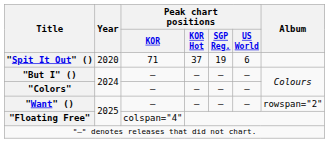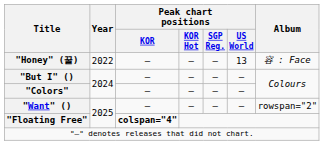 <table class="wikitable plainrowheaders" style="text-align:center">
 <tr>
 <th scope="col" rowspan="2">Title</th>
 <th scope="col" rowspan="2">Year</th>
 <th scope="col" colspan="4">Peak chart<br>positions</th>
 <th scope="col" rowspan="2">Album</th>
 </tr>
 <tr>
 <th scope="col" style="font-size:90%; width:2.5em"><a href='#'>KOR</a><br></th>
 <th scope="col" style="font-size:90%; width:2.5em"><a href='#'>KOR<br>Hot</a><br></th>
 <th scope="col" style="font-size:90%; width:2.5em"><a href='#'>SGP<br>Reg.</a><br></th>
 <th scope="col" style="font-size:90%; width:2.5em"><a href='#'>US<br>World</a><br></th>
 </tr>
 <tr>
-<th scope="row">"<a href='#'>Spit It Out</a>" ()</th>
-<td>2020</td>
-<td>71</td>
-<td>37</td>
-<td>19</td>
-<td>6</td>
-<td></td>
+<th scope="row">"Honey" (꿀)</th>
+<td>2022</td>
+<td>—</td>
+<td>—</td>
+<td>—</td>
+<td>13</td>
+<td><em>容 : Face</em></td>
 </tr>
 <tr>
 <th scope="row">"But I" ()</th>
 <td rowspan="2">2024</td>
 <td>—</td>
 <td>—</td>
 <td>—</td>
 <td>—</td>
 <td rowspan="2"><em>Colours</em></td>
 </tr>
 <tr>
 <th scope="row">"Colors"</th>
 <td>—</td>
 <td>—</td>
 <td>—</td>
 <td>—</td>
 </tr>
 <tr>
 <th scope="row">"<a href='#'>Want</a>" ()</th>
 <td rowspan="2">2025</td>
 <td>—</td>
 <td>—</td>
 <td>—</td>
 <td>—</td>
 <td>rowspan="2" </td>
 </tr>
 <tr>
 <th scope="row">"Floating Free"</th>
-<td>colspan="4" </td>
+<td><strong>colspan="4" </strong></td>
 </tr>
 <tr>
 <td colspan="7" style="font-size:85%">"—" denotes releases that did not chart.</td>
 </tr>
 </table>
